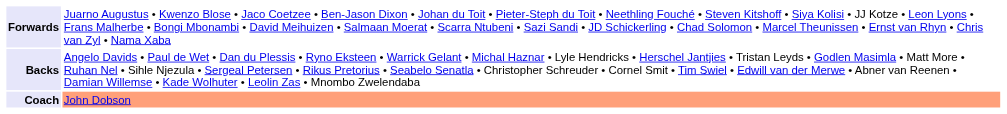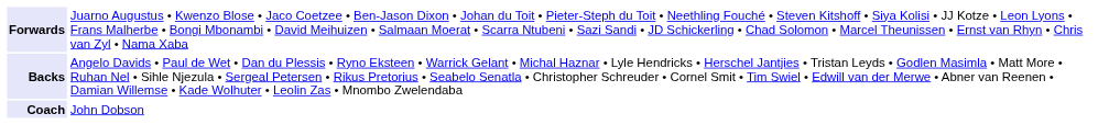 <table cellpadding="2" style="border: 1px solid white; font-size:90%;">
 <tr>
 <td style="text-align:right;" bgcolor="lavender"><strong>Forwards</strong></td>
 <td style="text-align:left;"><a href='#'>Juarno Augustus</a> • <a href='#'>Kwenzo Blose</a> • <a href='#'>Jaco Coetzee</a> • <a href='#'>Ben-Jason Dixon</a> • <a href='#'>Johan du Toit</a> • <a href='#'>Pieter-Steph du Toit</a> • <a href='#'>Neethling Fouché</a> • <a href='#'>Steven Kitshoff</a> • <a href='#'>Siya Kolisi</a> • JJ Kotze • <a href='#'>Leon Lyons</a> • <a href='#'>Frans Malherbe</a> • <a href='#'>Bongi Mbonambi</a> • <a href='#'>David Meihuizen</a> • <a href='#'>Salmaan Moerat</a> • <a href='#'>Scarra Ntubeni</a> • <a href='#'>Sazi Sandi</a> • <a href='#'>JD Schickerling</a> • <a href='#'>Chad Solomon</a> • <a href='#'>Marcel Theunissen</a> • <a href='#'>Ernst van Rhyn</a> • <a href='#'>Chris van Zyl</a> • <a href='#'>Nama Xaba</a></td>
 </tr>
 <tr>
 <td style="text-align:right;" bgcolor="lavender"><strong>Backs</strong></td>
 <td style="text-align:left;"><a href='#'>Angelo Davids</a> • <a href='#'>Paul de Wet</a> • <a href='#'>Dan du Plessis</a> • <a href='#'>Ryno Eksteen</a> • <a href='#'>Warrick Gelant</a> • <a href='#'>Michal Haznar</a> • Lyle Hendricks • <a href='#'>Herschel Jantjies</a> • Tristan Leyds • <a href='#'>Godlen Masimla</a> • Matt More • <a href='#'>Ruhan Nel</a> • Sihle Njezula • <a href='#'>Sergeal Petersen</a> • <a href='#'>Rikus Pretorius</a> • <a href='#'>Seabelo Senatla</a> • Christopher Schreuder • Cornel Smit • <a href='#'>Tim Swiel</a> • <a href='#'>Edwill van der Merwe</a> • Abner van Reenen • <a href='#'>Damian Willemse</a> • <a href='#'>Kade Wolhuter</a> • <a href='#'>Leolin Zas</a> • Mnombo Zwelendaba</td>
 </tr>
 <tr>
 <td style="text-align:right;" bgcolor="lavender"><strong>Coach</strong></td>
-<td style="background: lightsalmon; text-align:left;"><a href='#'>John Dobson</a></td>
+<td style="text-align:left;"><a href='#'>John Dobson</a></td>
 </tr>
 </table>
